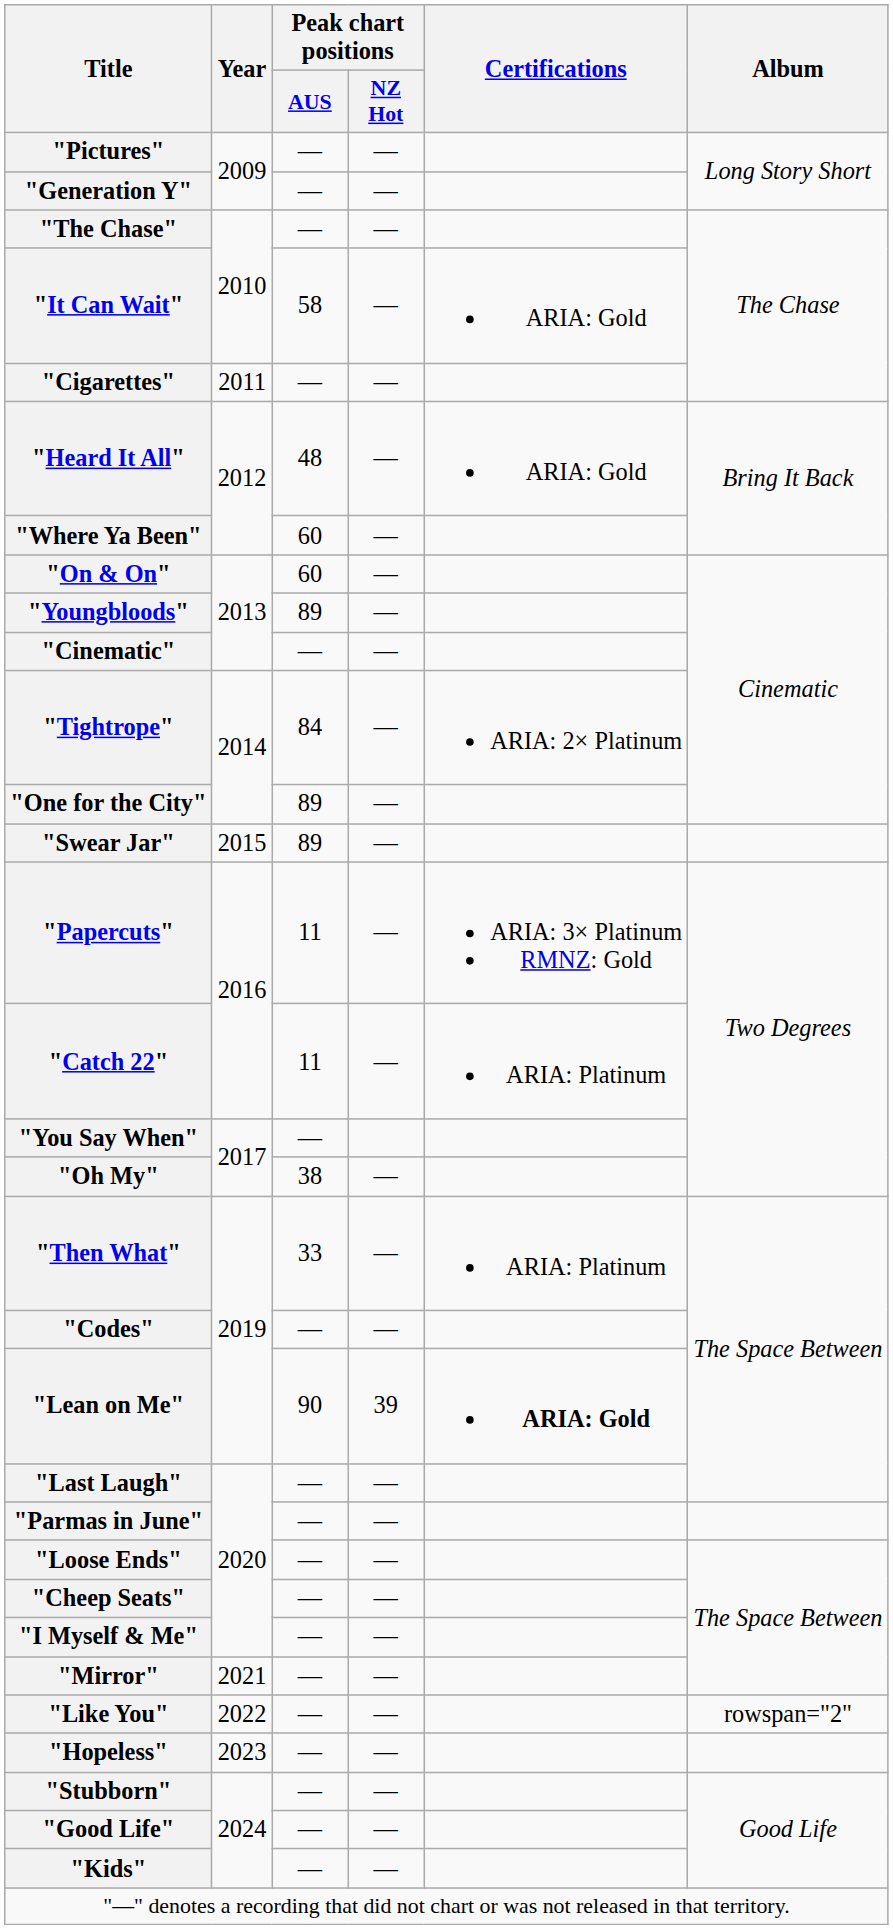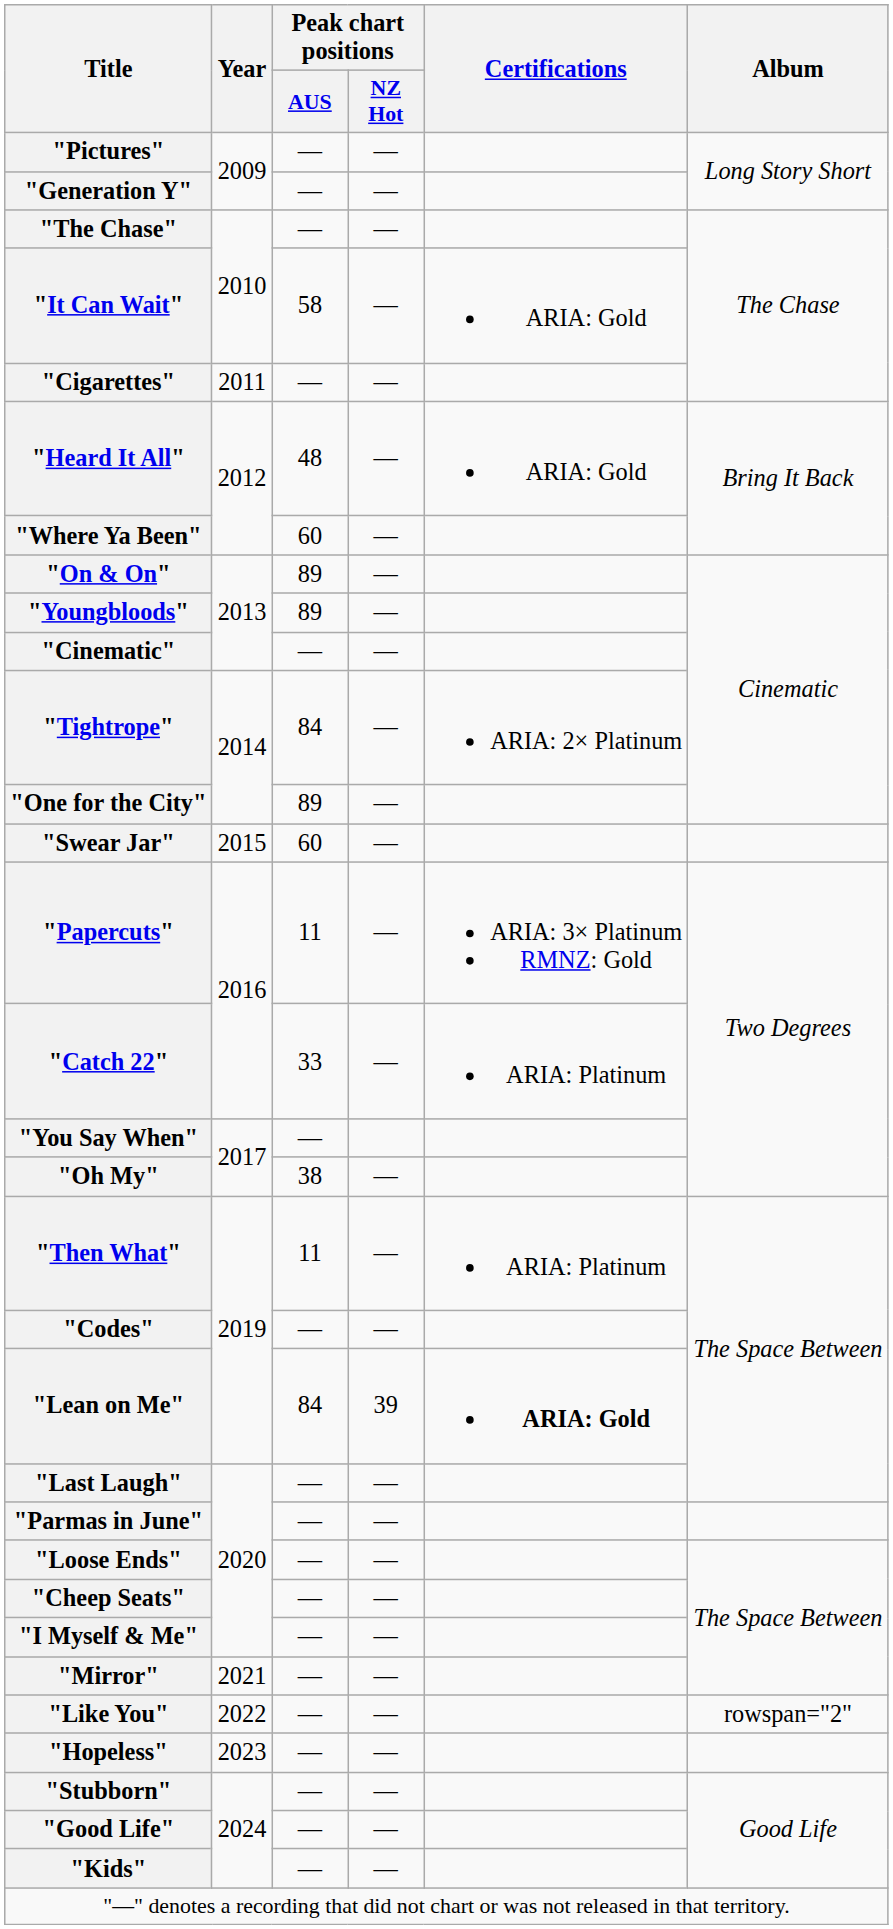 <table class="wikitable plainrowheaders" style="text-align:center;">
 <tr>
 <th scope="col" rowspan="2">Title</th>
 <th scope="col" rowspan="2">Year</th>
 <th scope="col" colspan="2">Peak chart positions</th>
 <th scope="col" rowspan="2"><a href='#'>Certifications</a></th>
 <th scope="col" rowspan="2">Album</th>
 </tr>
 <tr>
 <th scope="col" style="width:3em;font-size:90%;"><a href='#'>AUS</a><br></th>
 <th scope="col" style="width:3em;font-size:90%;"><a href='#'>NZ<br>Hot</a><br></th>
 </tr>
 <tr>
 <th scope="row">"Pictures"</th>
 <td rowspan="2">2009</td>
 <td>—</td>
 <td>—</td>
 <td></td>
 <td rowspan="2"><em>Long Story Short</em></td>
 </tr>
 <tr>
 <th scope="row">"Generation Y"</th>
 <td>—</td>
 <td>—</td>
 <td></td>
 </tr>
 <tr>
 <th scope="row">"The Chase"</th>
 <td rowspan="2">2010</td>
 <td>—</td>
 <td>—</td>
 <td></td>
 <td rowspan="3"><em>The Chase</em></td>
 </tr>
 <tr>
 <th scope="row">"<a href='#'>It Can Wait</a>"<br></th>
 <td>58</td>
 <td>—</td>
 <td><br><ul><li>ARIA: Gold</li></ul></td>
 </tr>
 <tr>
 <th scope="row">"Cigarettes"<br></th>
 <td>2011</td>
 <td>—</td>
 <td>—</td>
 <td></td>
 </tr>
 <tr>
 <th scope="row">"<a href='#'>Heard It All</a>"</th>
 <td rowspan="2">2012</td>
 <td>48</td>
 <td>—</td>
 <td><br><ul><li>ARIA: Gold</li></ul></td>
 <td rowspan="2"><em>Bring It Back</em></td>
 </tr>
 <tr>
 <th scope="row">"Where Ya Been"<br></th>
 <td>60</td>
 <td>—</td>
 <td></td>
 </tr>
 <tr>
 <th scope="row">"<a href='#'>On & On</a>"</th>
 <td rowspan="3">2013</td>
-<td>60</td>
+<td>89</td>
 <td>—</td>
 <td></td>
 <td rowspan="5"><em>Cinematic</em></td>
 </tr>
 <tr>
 <th scope="row">"<a href='#'>Youngbloods</a>"</th>
 <td>89</td>
 <td>—</td>
 <td></td>
 </tr>
 <tr>
 <th scope="row">"Cinematic"</th>
 <td>—</td>
 <td>—</td>
 <td></td>
 </tr>
 <tr>
 <th scope="row">"<a href='#'>Tightrope</a>"<br></th>
 <td rowspan="2">2014</td>
 <td>84</td>
 <td>—</td>
 <td><br><ul><li>ARIA: 2× Platinum</li></ul></td>
 </tr>
 <tr>
 <th scope="row">"One for the City"<br></th>
 <td>89</td>
 <td>—</td>
 <td></td>
 </tr>
 <tr>
 <th scope="row">"Swear Jar"</th>
 <td>2015</td>
-<td>89</td>
+<td>60</td>
 <td>—</td>
 <td></td>
 <td></td>
 </tr>
 <tr>
 <th scope="row">"<a href='#'>Papercuts</a>"<br></th>
 <td rowspan="2">2016</td>
 <td>11</td>
 <td>—</td>
 <td><br><ul><li>ARIA: 3× Platinum</li><li><a href='#'>RMNZ</a>: Gold</li></ul></td>
 <td rowspan="4"><em>Two Degrees</em></td>
 </tr>
 <tr>
 <th scope="row">"<a href='#'>Catch 22</a>"<br></th>
-<td>11</td>
+<td>33</td>
 <td>—</td>
 <td><br><ul><li>ARIA: Platinum</li></ul></td>
 </tr>
 <tr>
 <th scope="row">"You Say When"<br></th>
 <td rowspan="2">2017</td>
 <td>—</td>
 <td></td>
 </tr>
 <tr>
 <th scope="row">"Oh My"<br></th>
 <td>38</td>
 <td>—</td>
 <td></td>
 </tr>
 <tr>
 <th scope="row">"<a href='#'>Then What</a>"</th>
 <td rowspan="3">2019</td>
-<td>33</td>
+<td>11</td>
 <td>—</td>
 <td><br><ul><li>ARIA: Platinum</li></ul></td>
 <td rowspan="4"><em>The Space Between</em></td>
 </tr>
 <tr>
 <th scope="row">"Codes"</th>
 <td>—</td>
 <td>—</td>
 <td></td>
 </tr>
 <tr>
 <th scope="row">"Lean on Me"<br></th>
-<td>90</td>
+<td>84</td>
 <td>39</td>
 <td><strong><br><ul><li>ARIA: Gold</li></ul></strong></td>
 </tr>
 <tr>
 <th scope="row">"Last Laugh"</th>
 <td rowspan="5">2020</td>
 <td>—</td>
 <td>—</td>
 <td></td>
 </tr>
 <tr>
 <th scope="row">"Parmas in June"</th>
 <td>—</td>
 <td>—</td>
 <td></td>
 <td></td>
 </tr>
 <tr>
 <th scope="row">"Loose Ends"<br></th>
 <td>—</td>
 <td>—</td>
 <td></td>
 <td rowspan="4"><em>The Space Between</em></td>
 </tr>
 <tr>
 <th scope="row">"Cheep Seats"<br></th>
 <td>—</td>
 <td>—</td>
 <td></td>
 </tr>
 <tr>
 <th scope="row">"I Myself & Me"</th>
 <td>—</td>
 <td>—</td>
 <td></td>
 </tr>
 <tr>
 <th scope="row">"Mirror"<br></th>
 <td>2021</td>
 <td>—</td>
 <td>—</td>
 <td></td>
 </tr>
 <tr>
 <th scope="row">"Like You"</th>
 <td>2022</td>
 <td>—</td>
 <td>—</td>
 <td></td>
 <td>rowspan="2" </td>
 </tr>
 <tr>
 <th scope="row">"Hopeless"<br></th>
 <td>2023</td>
 <td>—</td>
 <td>—</td>
 <td></td>
 </tr>
 <tr>
 <th scope="row">"Stubborn"</th>
 <td rowspan="3">2024</td>
 <td>—</td>
 <td>—</td>
 <td></td>
 <td rowspan="3"><em>Good Life</em></td>
 </tr>
 <tr>
 <th scope="row">"Good Life"</th>
 <td>—</td>
 <td>—</td>
 <td></td>
 </tr>
 <tr>
 <th scope="row">"Kids" <br></th>
 <td>—</td>
 <td>—</td>
 <td></td>
 </tr>
 <tr>
 <td colspan="15" style="font-size:90%">"—" denotes a recording that did not chart or was not released in that territory.</td>
 </tr>
 </table>
